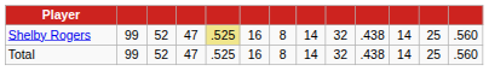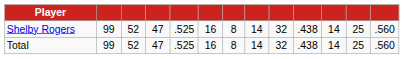 <table class="wikitable" style="text-align:center">
 <tr>
 <th style="background:#CD231F; color:white" width="200px">Player</th>
 <th style="background:#CD231F; color:white" width="40px"></th>
 <th style="background:#CD231F; color:white" width="40px"></th>
 <th style="background:#CD231F; color:white" width="40px"></th>
 <th style="background:#CD231F; color:white" width="40px"></th>
 <th style="background:#CD231F; color:white" width="40px"></th>
 <th style="background:#CD231F; color:white" width="40px"></th>
 <th style="background:#CD231F; color:white" width="40px"></th>
 <th style="background:#CD231F; color:white" width="40px"></th>
 <th style="background:#CD231F; color:white" width="40px"></th>
 <th style="background:#CD231F; color:white" width="40px"></th>
 <th style="background:#CD231F; color:white" width="40px"></th>
 <th style="background:#CD231F; color:white" width="40px"></th>
 </tr>
 <tr>
 <td style="text-align:left"><a href='#'>Shelby Rogers</a></td>
 <td>99</td>
 <td>52</td>
 <td>47</td>
-<td style="background: khaki;">.525</td>
+<td>.525</td>
 <td>16</td>
 <td>8</td>
 <td>14</td>
 <td>32</td>
 <td>.438</td>
 <td>14</td>
 <td>25</td>
 <td>.560</td>
 </tr>
 <tr>
 <td style="text-align:left">Total</td>
 <td>99</td>
 <td>52</td>
 <td>47</td>
 <td>.525</td>
 <td>16</td>
 <td>8</td>
 <td>14</td>
 <td>32</td>
 <td>.438</td>
 <td>14</td>
 <td>25</td>
 <td>.560</td>
 </tr>
 </table>
